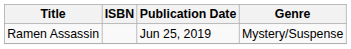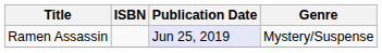 <table class="wikitable">
 <tr>
 <th>Title</th>
 <th>ISBN</th>
 <th>Publication Date</th>
 <th>Genre</th>
 </tr>
 <tr>
 <td>Ramen Assassin</td>
 <td></td>
-<td>Jun 25, 2019</td>
+<td style="background: lavender;">Jun 25, 2019</td>
 <td>Mystery/Suspense</td>
 </tr>
 <tr>
 </tr>
 </table>
